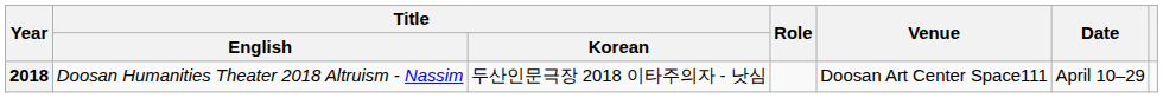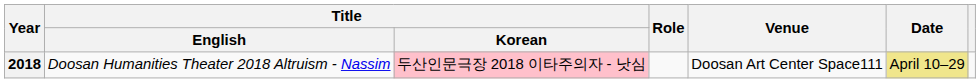 <table class="wikitable sortable plainrowheaders" style="text-align:left; font-size:100%;">
 <tr>
 <th rowspan="2" scope="col">Year</th>
 <th colspan="2" scope="col">Title</th>
 <th rowspan="2" scope="col">Role</th>
 <th rowspan="2" scope="col" class="unsortable">Venue</th>
 <th rowspan="2" scope="col">Date</th>
 <th rowspan="2" scope="col" class="unsortable"></th>
 </tr>
 <tr>
 <th>English</th>
 <th>Korean</th>
 </tr>
 <tr>
 <th scope="row">2018</th>
 <td><em>Doosan Humanities Theater 2018 Altruism - <a href='#'>Nassim</a></em></td>
-<td>두산인문극장 2018 이타주의자 - 낫심</td>
+<td style="background: pink;">두산인문극장 2018 이타주의자 - 낫심</td>
 <td></td>
 <td>Doosan Art Center Space111</td>
-<td>April 10–29</td>
+<td style="background: khaki;">April 10–29</td>
 <td></td>
 </tr>
 </table>
